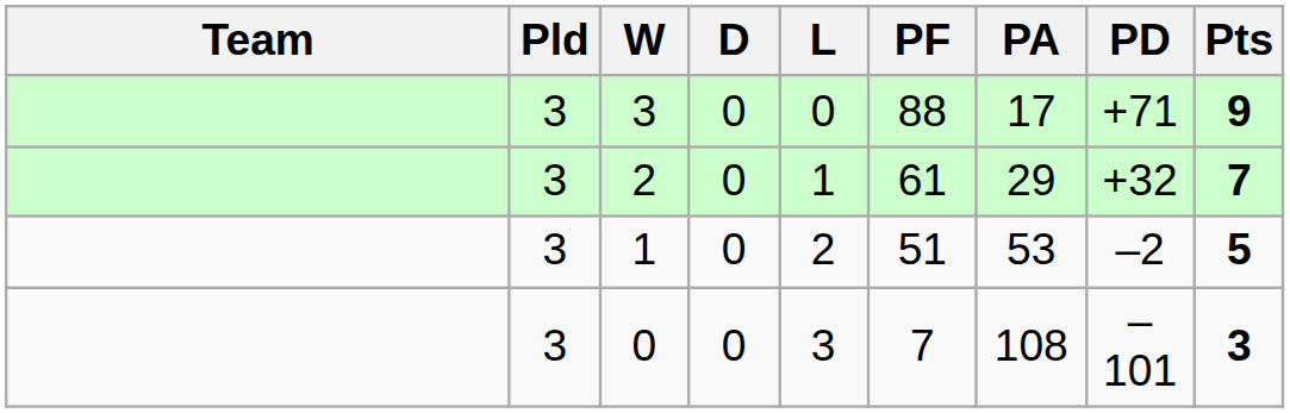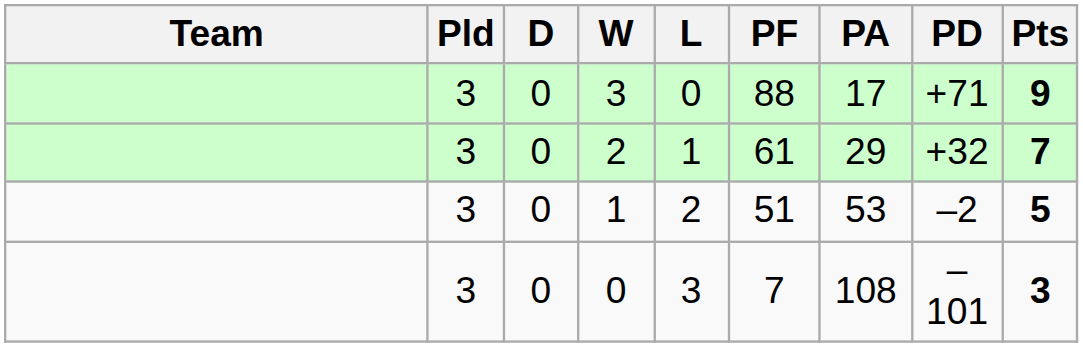 <table class="wikitable" style="text-align:center;">
 <tr>
 <th width=175>Team</th>
 <th width=25 abbr="Played">Pld</th>
+<th width=25 abbr="Drawn">D</th>
 <th width=25 abbr="Won">W</th>
-<th width=25 abbr="Drawn">D</th>
 <th width=25 abbr="Lost">L</th>
 <th width=32 abbr="Points for">PF</th>
 <th width=32 abbr="Points against">PA</th>
 <th width=32 abbr="Points difference">PD</th>
 <th width=25 abbr="Points">Pts</th>
 </tr>
 <tr bgcolor=ccffcc>
 <td align=left></td>
 <td>3</td>
+<td>0</td>
 <td>3</td>
-<td>0</td>
 <td>0</td>
 <td>88</td>
 <td>17</td>
 <td>+71</td>
 <td><strong>9</strong></td>
 </tr>
 <tr bgcolor=ccffcc>
 <td align=left></td>
 <td>3</td>
+<td>0</td>
 <td>2</td>
-<td>0</td>
 <td>1</td>
 <td>61</td>
 <td>29</td>
 <td>+32</td>
 <td><strong>7</strong></td>
 </tr>
 <tr>
 <td align=left></td>
 <td>3</td>
+<td>0</td>
 <td>1</td>
-<td>0</td>
 <td>2</td>
 <td>51</td>
 <td>53</td>
 <td>–2</td>
 <td><strong>5</strong></td>
 </tr>
 <tr>
 <td align=left></td>
 <td>3</td>
 <td>0</td>
 <td>0</td>
 <td>3</td>
 <td>7</td>
 <td>108</td>
 <td>–101</td>
 <td><strong>3</strong></td>
 </tr>
 </table>
